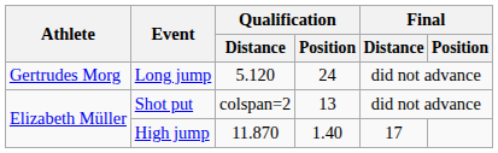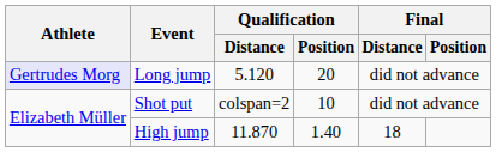 <table class=wikitable style="font-size:90%">
 <tr>
 <th rowspan="2">Athlete</th>
 <th rowspan="2">Event</th>
 <th colspan="2">Qualification</th>
 <th colspan="2">Final</th>
 </tr>
 <tr style="font-size:95%">
 <th>Distance</th>
 <th>Position</th>
 <th>Distance</th>
 <th>Position</th>
 </tr>
 <tr align=center>
-<td align=left><a href='#'>Gertrudes Morg</a></td>
+<td align=left style="background: lavender;"><a href='#'>Gertrudes Morg</a></td>
 <td align=left><a href='#'>Long jump</a></td>
 <td>5.120</td>
-<td>24</td>
+<td>20</td>
 <td colspan=2>did not advance</td>
 </tr>
 <tr align=center>
 <td align=left rowspan="2"><a href='#'>Elizabeth Müller</a></td>
 <td align=left><a href='#'>Shot put</a></td>
 <td>colspan=2 </td>
-<td>13</td>
+<td>10</td>
 <td colspan=2>did not advance</td>
 </tr>
 <tr align=center>
 <td align=left><a href='#'>High jump</a></td>
 <td>11.870</td>
 <td>1.40</td>
-<td>17</td>
+<td>18</td>
 </tr>
 </table>
